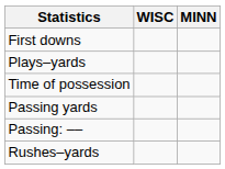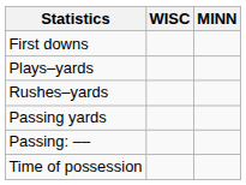 <table class="wikitable" style="float:left">
 <tr>
 <th>Statistics</th>
 <th>WISC</th>
 <th>MINN</th>
 </tr>
 <tr>
 <td>First downs</td>
 <td></td>
 <td></td>
 </tr>
 <tr>
 <td>Plays–yards</td>
 <td></td>
 <td></td>
 </tr>
 <tr>
-<td>Time of possession</td>
+<td>Rushes–yards</td>
 <td></td>
 <td></td>
 </tr>
 <tr>
 <td>Passing yards</td>
 <td></td>
 <td></td>
 </tr>
 <tr>
 <td>Passing: ––</td>
 <td></td>
 <td></td>
 </tr>
 <tr>
-<td>Rushes–yards</td>
+<td>Time of possession</td>
 <td></td>
 <td></td>
 </tr>
 </table>
